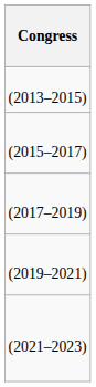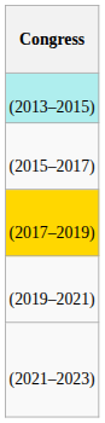 <table class="wikitable" style="float:left; margin:0; margin-right:-0.5px; margin-top:14px; text-align:center;">
 <tr style="white-space:nowrap; height:4.08em;">
 <th>Congress</th>
 </tr>
 <tr style="white-space:nowrap; height:3em;">
-<td><strong></strong><br>(2013–2015)</td>
+<td style="background: paleturquoise;"><strong></strong><br>(2013–2015)</td>
 </tr>
 <tr style="white-space:nowrap; height:4em">
 <td><strong></strong><br>(2015–2017)</td>
 </tr>
 <tr style="white-space:nowrap; height:4em">
-<td><strong></strong><br>(2017–2019)</td>
+<td style="background: gold;"><strong></strong><br>(2017–2019)</td>
 </tr>
 <tr style="white-space:nowrap; height:4em">
 <td><strong></strong><br>(2019–2021)</td>
 </tr>
 <tr style="white-space:nowrap; height:5.7em">
 <td><strong></strong><br>(2021–2023)</td>
 </tr>
 </table>
